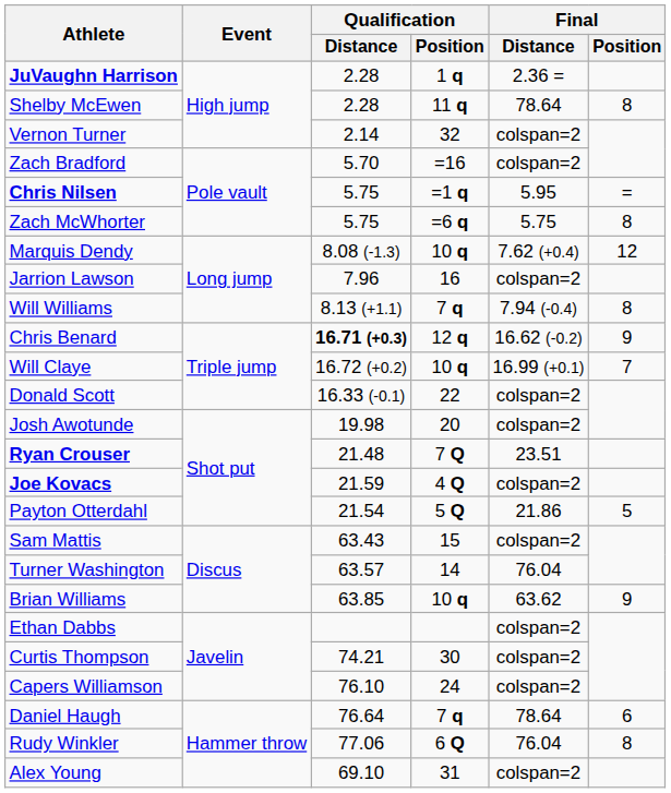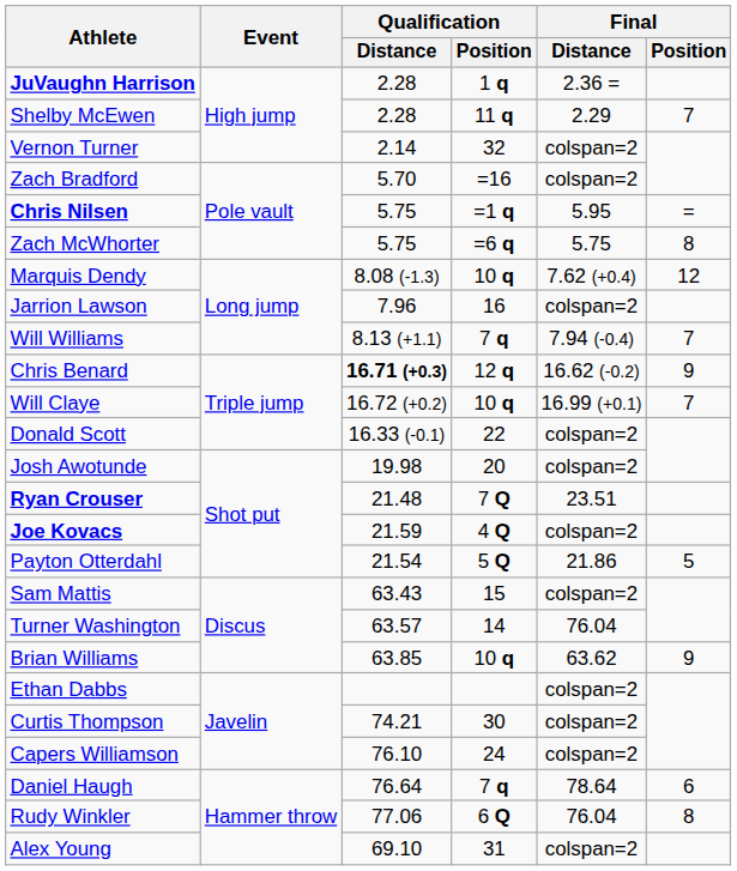 <table class="wikitable" style="font-size:90%">
 <tr>
 <th rowspan="2">Athlete</th>
 <th rowspan="2">Event</th>
 <th colspan="2">Qualification</th>
 <th colspan="2">Final</th>
 </tr>
 <tr style="font-size:95%">
 <th>Distance</th>
 <th>Position</th>
 <th>Distance</th>
 <th>Position</th>
 </tr>
 <tr align="center">
 <td align="left"><strong><a href='#'>JuVaughn Harrison</a></strong></td>
 <td rowspan="3" align="left"><a href='#'>High jump</a></td>
 <td>2.28</td>
 <td>1 <strong>q</strong></td>
 <td>2.36 =<strong></strong></td>
 <td></td>
 </tr>
 <tr align="center">
 <td align="left"><a href='#'>Shelby McEwen</a></td>
 <td>2.28 <strong></strong></td>
 <td>11 <strong>q</strong></td>
-<td>78.64 <strong></strong></td>
-<td>8</td>
+<td>2.29 <strong></strong></td>
+<td>7</td>
 </tr>
 <tr align="center">
 <td align="left"><a href='#'>Vernon Turner</a></td>
 <td>2.14</td>
 <td>32</td>
 <td>colspan=2 </td>
 </tr>
 <tr align="center">
 <td align="left"><a href='#'>Zach Bradford</a></td>
 <td rowspan="3" align="left"><a href='#'>Pole vault</a></td>
 <td>5.70</td>
 <td>=16</td>
 <td>colspan=2 </td>
 </tr>
 <tr align="center">
 <td align="left"><strong><a href='#'>Chris Nilsen</a></strong></td>
 <td>5.75</td>
 <td>=1 <strong>q</strong></td>
 <td>5.95 <strong></strong></td>
 <td>=</td>
 </tr>
 <tr align="center">
 <td align="left"><a href='#'>Zach McWhorter</a></td>
 <td>5.75</td>
 <td>=6 <strong>q</strong></td>
 <td>5.75</td>
 <td>8</td>
 </tr>
 <tr align="center">
 <td align="left"><a href='#'>Marquis Dendy</a></td>
 <td rowspan="3" align="left"><a href='#'>Long jump</a></td>
 <td>8.08 <small>(-1.3)</small></td>
 <td>10 <strong>q</strong></td>
 <td>7.62 <small>(+0.4)</small></td>
 <td>12</td>
 </tr>
 <tr align="center">
 <td align="left"><a href='#'>Jarrion Lawson</a></td>
 <td>7.96</td>
 <td>16</td>
 <td>colspan=2 </td>
 </tr>
 <tr align="center">
 <td align="left"><a href='#'>Will Williams</a></td>
 <td>8.13 <small>(+1.1)</small></td>
 <td>7 <strong>q</strong></td>
 <td>7.94 <small>(-0.4)</small></td>
-<td>8</td>
+<td>7</td>
 </tr>
 <tr align="center">
 <td align="left"><a href='#'>Chris Benard</a></td>
 <td rowspan="3" align="left"><a href='#'>Triple jump</a></td>
 <td><strong>16.71 <small>(+0.3)</small></strong></td>
 <td>12 <strong>q</strong></td>
 <td>16.62 <small>(-0.2)</small></td>
 <td>9</td>
 </tr>
 <tr align="center">
 <td align="left"><a href='#'>Will Claye</a></td>
 <td>16.72 <small>(+0.2)</small></td>
 <td>10 <strong>q</strong></td>
 <td>16.99 <small>(+0.1)</small> <strong></strong></td>
 <td>7</td>
 </tr>
 <tr align="center">
 <td align="left"><a href='#'>Donald Scott</a></td>
 <td>16.33 <small>(-0.1)</small></td>
 <td>22</td>
 <td>colspan=2 </td>
 </tr>
 <tr align="center">
 <td align="left"><a href='#'>Josh Awotunde</a></td>
 <td rowspan="4" align="left"><a href='#'>Shot put</a></td>
 <td>19.98</td>
 <td>20</td>
 <td>colspan=2 </td>
 </tr>
 <tr align="center">
 <td align="left"><strong><a href='#'>Ryan Crouser</a></strong></td>
 <td>21.48</td>
 <td>7 <strong>Q</strong></td>
 <td>23.51 <strong></strong></td>
 <td></td>
 </tr>
 <tr align="center">
 <td align="left"><strong><a href='#'>Joe Kovacs</a></strong></td>
 <td>21.59</td>
 <td>4 <strong>Q</strong></td>
 <td>colspan=2 </td>
 <td></td>
 </tr>
 <tr align="center">
 <td align="left"><a href='#'>Payton Otterdahl</a></td>
 <td>21.54</td>
 <td>5 <strong>Q</strong></td>
 <td>21.86</td>
 <td>5</td>
 </tr>
 <tr align="center">
 <td align="left"><a href='#'>Sam Mattis</a></td>
 <td rowspan="3" align="left"><a href='#'>Discus</a></td>
 <td>63.43</td>
 <td>15</td>
 <td>colspan=2 </td>
 </tr>
 <tr align="center">
 <td align="left"><a href='#'>Turner Washington</a></td>
 <td>63.57</td>
 <td>14</td>
 <td>76.04</td>
 </tr>
 <tr align="center">
 <td align="left"><a href='#'>Brian Williams</a></td>
 <td>63.85 <strong></strong></td>
 <td>10 <strong>q</strong></td>
 <td>63.62</td>
 <td>9</td>
 </tr>
 <tr align="center">
 <td align="left"><a href='#'>Ethan Dabbs</a></td>
 <td rowspan="3" align="left"><a href='#'>Javelin</a></td>
 <td><strong></strong></td>
 <td></td>
 <td>colspan=2 </td>
 </tr>
 <tr align="center">
 <td align="left"><a href='#'>Curtis Thompson</a></td>
 <td>74.21</td>
 <td>30</td>
 <td>colspan=2 </td>
 </tr>
 <tr align="center">
 <td align="left"><a href='#'>Capers Williamson</a></td>
 <td>76.10</td>
 <td>24</td>
 <td>colspan=2 </td>
 </tr>
 <tr align="center">
 <td align="left"><a href='#'>Daniel Haugh</a></td>
 <td rowspan="3" align="left"><a href='#'>Hammer throw</a></td>
 <td>76.64</td>
 <td>7 <strong>q</strong></td>
 <td>78.64 <strong></strong></td>
 <td>6</td>
 </tr>
 <tr align="center">
 <td align="left"><a href='#'>Rudy Winkler</a></td>
 <td>77.06</td>
 <td>6 <strong>Q</strong></td>
 <td>76.04</td>
 <td>8</td>
 </tr>
 <tr align="center">
 <td align="left"><a href='#'>Alex Young</a></td>
 <td>69.10</td>
 <td>31</td>
 <td>colspan=2 </td>
 </tr>
 </table>
